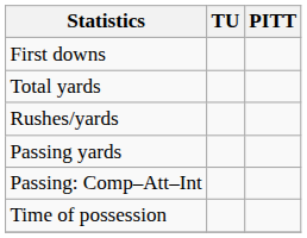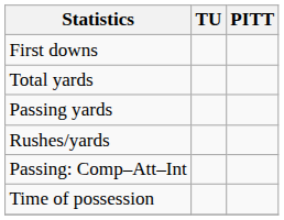 <table class="wikitable" style="float: left;">
 <tr>
 <th>Statistics</th>
 <th>TU</th>
 <th>PITT</th>
 </tr>
 <tr>
 <td>First downs</td>
 <td></td>
 <td></td>
 </tr>
 <tr>
 <td>Total yards</td>
 <td></td>
 <td></td>
 </tr>
 <tr>
-<td>Rushes/yards</td>
+<td>Passing yards</td>
 <td></td>
 <td></td>
 </tr>
 <tr>
-<td>Passing yards</td>
+<td>Rushes/yards</td>
 <td></td>
 <td></td>
 </tr>
 <tr>
 <td>Passing: Comp–Att–Int</td>
 <td></td>
 <td></td>
 </tr>
 <tr>
 <td>Time of possession</td>
 <td></td>
 <td></td>
 </tr>
 <tr>
 </tr>
 </table>
